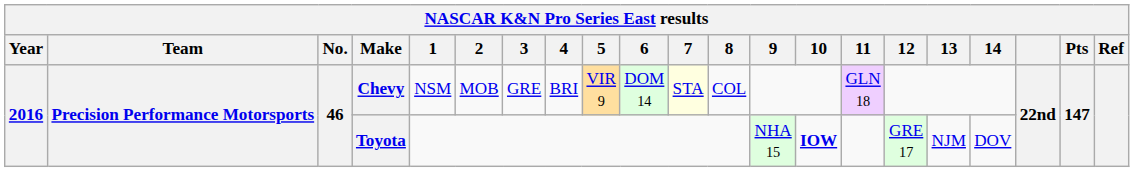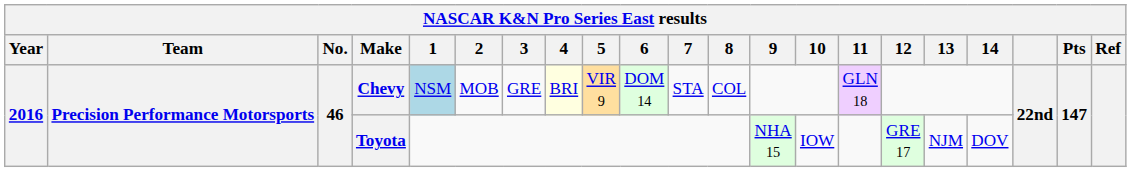 <table class="wikitable" style="text-align:center; font-size:75%">
 <tr>
 <th colspan=45><a href='#'>NASCAR K&N Pro Series East</a> results</th>
 </tr>
 <tr>
 <th>Year</th>
 <th>Team</th>
 <th>No.</th>
 <th>Make</th>
 <th>1</th>
 <th>2</th>
 <th>3</th>
 <th>4</th>
 <th>5</th>
 <th>6</th>
 <th>7</th>
 <th>8</th>
 <th>9</th>
 <th>10</th>
 <th>11</th>
 <th>12</th>
 <th>13</th>
 <th>14</th>
 <th></th>
 <th>Pts</th>
 <th>Ref</th>
 </tr>
 <tr>
 <th rowspan=2><a href='#'>2016</a></th>
 <th rowspan=2><a href='#'>Precision Performance Motorsports</a></th>
 <th rowspan=2>46</th>
 <th><a href='#'>Chevy</a></th>
-<td><a href='#'>NSM</a></td>
+<td style="background: lightblue;"><a href='#'>NSM</a></td>
 <td><a href='#'>MOB</a></td>
 <td><a href='#'>GRE</a></td>
-<td><a href='#'>BRI</a></td>
+<td style="background: lightyellow;"><a href='#'>BRI</a></td>
 <td style="background:#FFDF9F;"><a href='#'>VIR</a><br><small>9</small></td>
 <td style="background:#DFFFDF;"><a href='#'>DOM</a><br><small>14</small></td>
-<td style="background: lightyellow;"><a href='#'>STA</a></td>
+<td><a href='#'>STA</a></td>
 <td><a href='#'>COL</a></td>
 <td colspan=2></td>
 <td style="background:#EFCFFF;"><a href='#'>GLN</a><br><small>18</small></td>
 <td colspan=3></td>
 <th rowspan=2>22nd</th>
 <th rowspan=2>147</th>
 <th rowspan=2></th>
 </tr>
 <tr>
 <th><a href='#'>Toyota</a></th>
 <td colspan=8></td>
 <td style="background:#DFFFDF;"><a href='#'>NHA</a><br><small>15</small></td>
-<td><strong><a href='#'>IOW</a></strong></td>
+<td><a href='#'>IOW</a></td>
 <td></td>
 <td style="background:#DFFFDF;"><a href='#'>GRE</a><br><small>17</small></td>
 <td><a href='#'>NJM</a></td>
 <td><a href='#'>DOV</a></td>
 </tr>
 </table>
